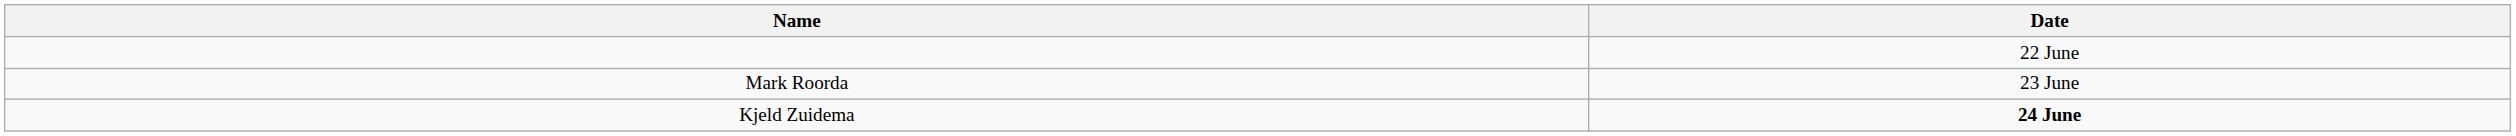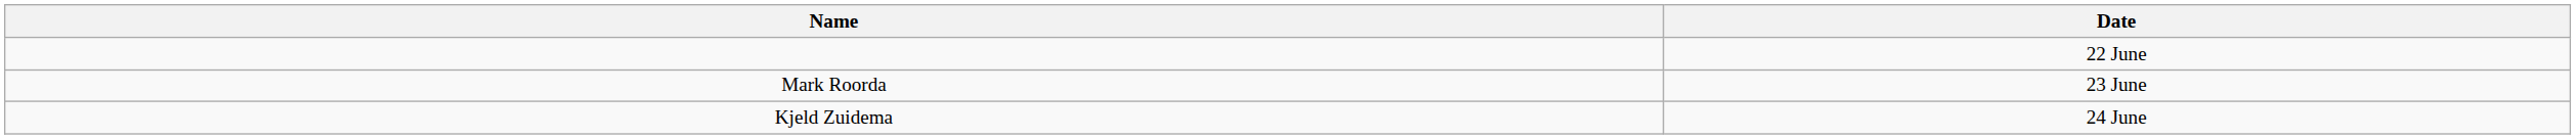 <table class="wikitable sortable" style="text-align:center;font-size:90%;width:95%">
 <tr>
 <th>Name</th>
 <th>Date</th>
 </tr>
 <tr>
 <td></td>
 <td>22 June</td>
 </tr>
 <tr>
 <td>Mark Roorda</td>
 <td>23 June</td>
 </tr>
 <tr>
 <td>Kjeld Zuidema</td>
-<td><strong>24 June</strong></td>
+<td>24 June</td>
 </tr>
 </table>
